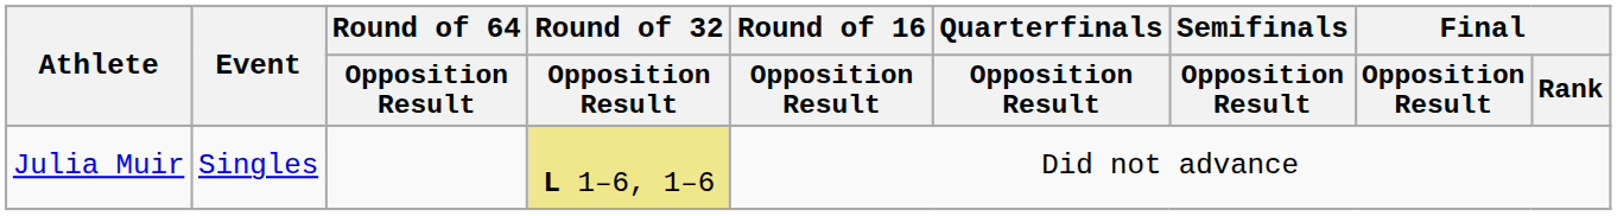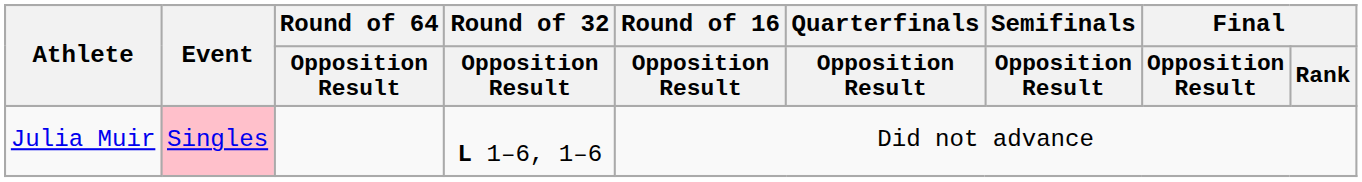 <table class="wikitable" style="font-size:90%">
 <tr>
 <th rowspan="2">Athlete</th>
 <th rowspan="2">Event</th>
 <th>Round of 64</th>
 <th>Round of 32</th>
 <th>Round of 16</th>
 <th>Quarterfinals</th>
 <th>Semifinals</th>
 <th colspan=2>Final</th>
 </tr>
 <tr style="font-size:95%">
 <th>Opposition<br>Result</th>
 <th>Opposition<br>Result</th>
 <th>Opposition<br>Result</th>
 <th>Opposition<br>Result</th>
 <th>Opposition<br>Result</th>
 <th>Opposition<br>Result</th>
 <th>Rank</th>
 </tr>
 <tr align=center>
 <td align=left><a href='#'>Julia Muir</a></td>
-<td align=left><a href='#'>Singles</a></td>
+<td align=left style="background: pink;"><a href='#'>Singles</a></td>
 <td></td>
-<td style="background: khaki;"><br><strong>L</strong> 1–6, 1–6</td>
+<td><br><strong>L</strong> 1–6, 1–6</td>
 <td colspan=5>Did not advance</td>
 </tr>
 </table>
